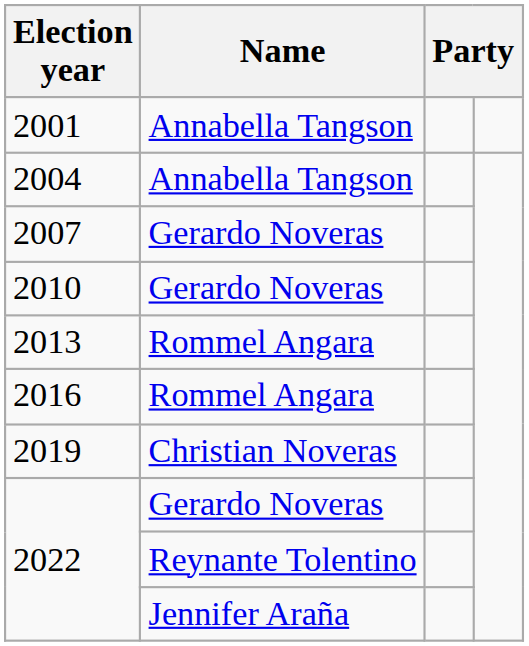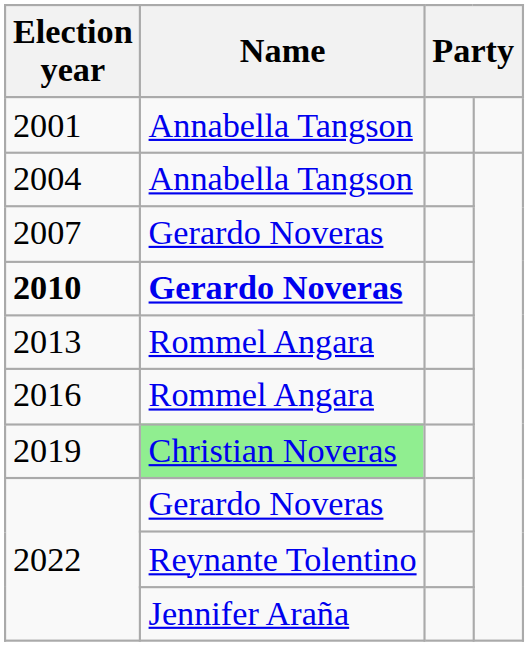 <table class=wikitable>
 <tr>
 <th>Election<br>year</th>
 <th>Name</th>
 <th colspan=2>Party</th>
 </tr>
 <tr>
 <td>2001</td>
 <td><a href='#'>Annabella Tangson</a></td>
 <td></td>
 <td></td>
 </tr>
 <tr>
 <td>2004</td>
 <td><a href='#'>Annabella Tangson</a></td>
 <td></td>
 </tr>
 <tr>
 <td>2007</td>
 <td><a href='#'>Gerardo Noveras</a></td>
 <td></td>
 </tr>
 <tr>
-<td>2010</td>
-<td><a href='#'>Gerardo Noveras</a></td>
+<td><strong>2010</strong></td>
+<td><strong><a href='#'>Gerardo Noveras</a></strong></td>
 <td></td>
 </tr>
 <tr>
 <td>2013</td>
 <td><a href='#'>Rommel Angara</a></td>
 <td></td>
 </tr>
 <tr>
 <td>2016</td>
 <td><a href='#'>Rommel Angara</a></td>
 <td></td>
 </tr>
 <tr>
 <td>2019</td>
-<td><a href='#'>Christian Noveras</a></td>
+<td style="background: lightgreen;"><a href='#'>Christian Noveras</a></td>
 <td></td>
 </tr>
 <tr>
 <td rowspan="3">2022</td>
 <td><a href='#'>Gerardo Noveras</a></td>
 <td></td>
 </tr>
 <tr>
 <td><a href='#'>Reynante Tolentino</a></td>
 <td></td>
 </tr>
 <tr>
 <td><a href='#'>Jennifer Araña</a></td>
 <td></td>
 </tr>
 </table>
